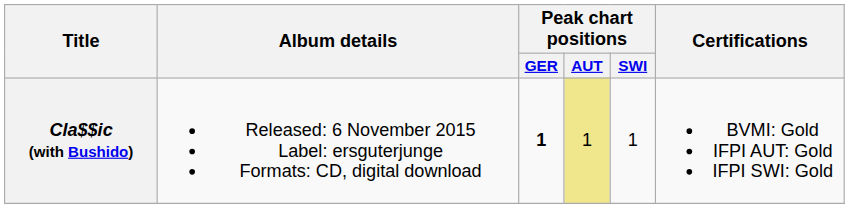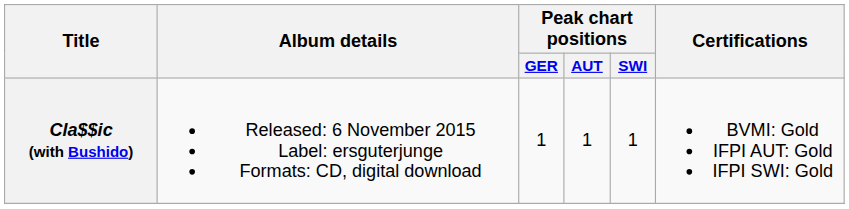 <table class="wikitable plainrowheaders" style="text-align:center;">
 <tr>
 <th scope="col" rowspan="2" style="width:8em;">Title</th>
 <th scope="col" rowspan="2" style="width:19.5em;">Album details</th>
 <th scope="col" colspan="3">Peak chart positions</th>
 <th scope="col" rowspan="2" style="width:10em;">Certifications</th>
 </tr>
 <tr>
 <th style="width:2.5em; font-size:85%"><a href='#'>GER</a><br></th>
 <th style="width:2.5em; font-size:85%"><a href='#'>AUT</a><br></th>
 <th style="width:2.5em; font-size:85%"><a href='#'>SWI</a><br></th>
 </tr>
 <tr>
 <th scope="row"><em>Cla$$ic</em><br><small>(with <a href='#'>Bushido</a>)</small></th>
 <td><br><ul><li>Released: 6 November 2015</li><li>Label: ersguterjunge</li><li>Formats: CD, digital download</li></ul></td>
-<td><strong>1</strong></td>
-<td style="background: khaki;">1</td>
+<td>1</td>
+<td>1</td>
 <td>1</td>
 <td><br><ul><li>BVMI: Gold</li><li>IFPI AUT: Gold</li><li>IFPI SWI: Gold</li></ul></td>
 </tr>
 <tr>
 </tr>
 </table>
